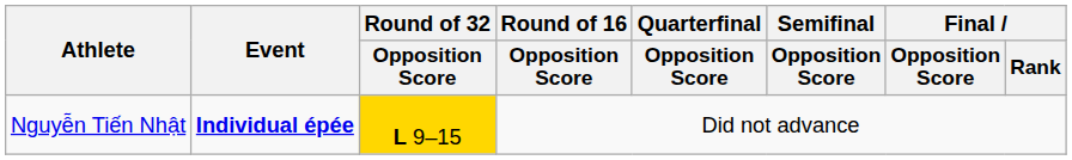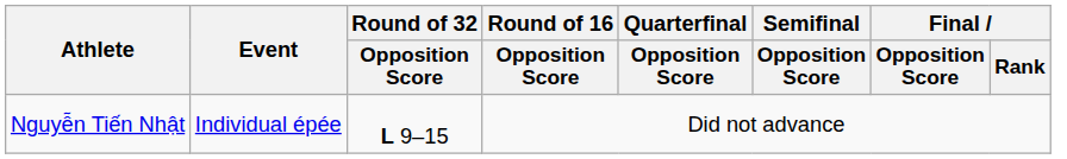 <table class="wikitable" style="font-size:90%">
 <tr>
 <th rowspan="2">Athlete</th>
 <th rowspan="2">Event</th>
 <th>Round of 32</th>
 <th>Round of 16</th>
 <th>Quarterfinal</th>
 <th>Semifinal</th>
 <th colspan=2>Final / </th>
 </tr>
 <tr style="font-size:95%">
 <th>Opposition <br> Score</th>
 <th>Opposition <br> Score</th>
 <th>Opposition <br> Score</th>
 <th>Opposition <br> Score</th>
 <th>Opposition <br> Score</th>
 <th>Rank</th>
 </tr>
 <tr align=center>
 <td align=left><a href='#'>Nguyễn Tiến Nhật</a></td>
-<td align=left><strong><a href='#'>Individual épée</a></strong></td>
-<td style="background: gold;"><br><strong>L</strong> 9–15</td>
+<td align=left><a href='#'>Individual épée</a></td>
+<td><br><strong>L</strong> 9–15</td>
 <td colspan=5>Did not advance</td>
 </tr>
 </table>
